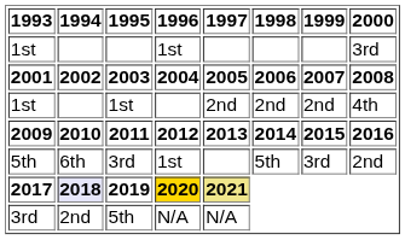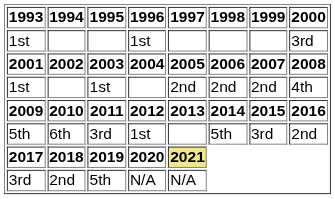 <table class="contesttable" border="1">
 <tr>
 <th>1993</th>
 <th>1994</th>
 <th>1995</th>
 <th>1996</th>
 <th>1997</th>
 <th>1998</th>
 <th>1999</th>
 <th>2000</th>
 </tr>
 <tr>
 <td>1st</td>
 <td></td>
 <td></td>
 <td>1st</td>
 <td></td>
 <td></td>
 <td></td>
 <td>3rd</td>
 </tr>
 <tr>
 <th>2001</th>
 <th>2002</th>
 <th>2003</th>
 <th>2004</th>
 <th>2005</th>
 <th>2006</th>
 <th>2007</th>
 <th>2008</th>
 </tr>
 <tr>
 <td>1st</td>
 <td> </td>
 <td>1st</td>
 <td> </td>
 <td>2nd</td>
 <td>2nd</td>
 <td>2nd</td>
 <td>4th</td>
 </tr>
 <tr>
 <th>2009</th>
 <th>2010</th>
 <th>2011</th>
 <th>2012</th>
 <th>2013</th>
 <th>2014</th>
 <th>2015</th>
 <th>2016</th>
 </tr>
 <tr>
 <td>5th</td>
 <td>6th</td>
 <td>3rd</td>
 <td>1st</td>
 <td> </td>
 <td>5th</td>
 <td>3rd</td>
 <td>2nd</td>
 </tr>
 <tr>
 <th>2017</th>
-<td style="background: lavender;"><strong>2018</strong></td>
+<td><strong>2018</strong></td>
 <td><strong>2019</strong></td>
-<td style="background: gold;"><strong>2020</strong></td>
+<td><strong>2020</strong></td>
 <td style="background: khaki;"><strong>2021</strong></td>
 </tr>
 <tr>
 <td>3rd</td>
 <td>2nd</td>
 <td>5th</td>
 <td>N/A</td>
 <td>N/A</td>
 </tr>
 </table>
